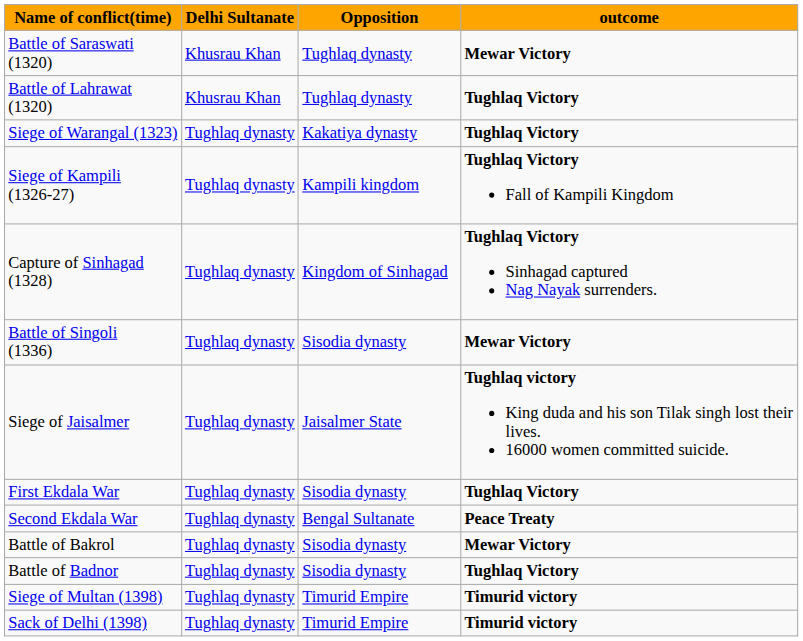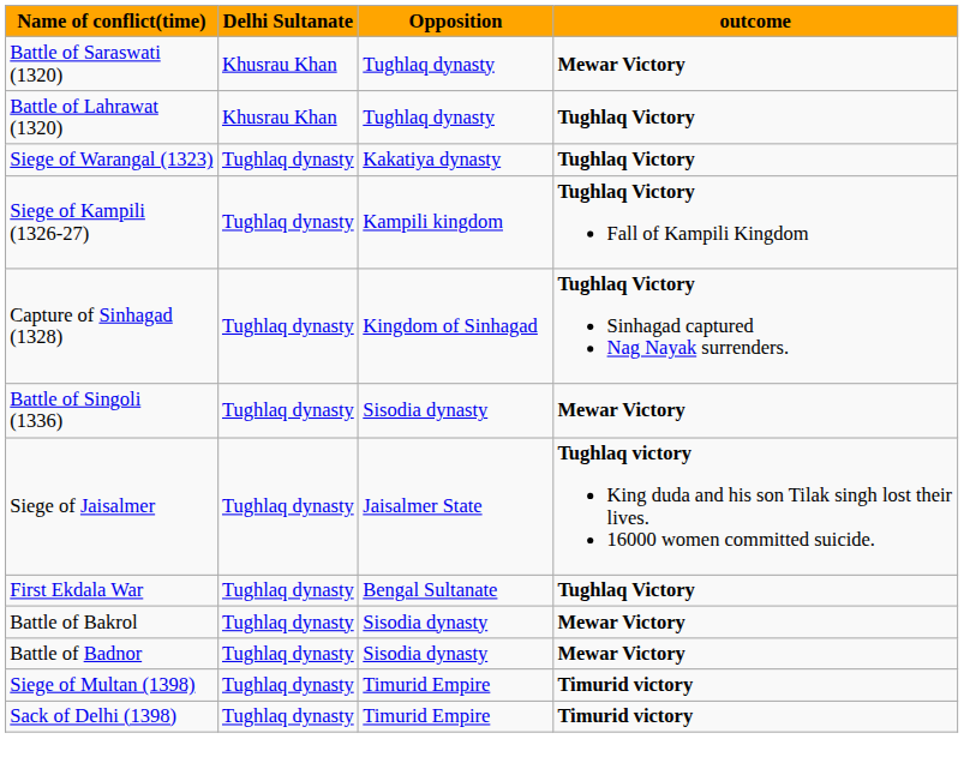 <table class="wikitable">
 <tr>
 <th style="background:orange;"><span>Name of conflict(time)</span></th>
 <th style="background:orange;widh:150px;"><span>Delhi Sultanate</span></th>
 <th style="background:orange;width:150px;"><span> Opposition</span></th>
 <th style="background:orange;width:320px;"><span> outcome</span></th>
 </tr>
 <tr>
 <td><a href='#'>Battle of Saraswati</a><br>(1320)</td>
 <td><a href='#'>Khusrau Khan</a></td>
 <td><a href='#'>Tughlaq dynasty</a></td>
 <td><strong>Mewar Victory</strong></td>
 </tr>
 <tr>
 <td><a href='#'>Battle of Lahrawat</a><br>(1320)</td>
 <td><a href='#'>Khusrau Khan</a></td>
 <td><a href='#'>Tughlaq dynasty</a></td>
 <td><strong>Tughlaq Victory</strong></td>
 </tr>
 <tr>
 <td><a href='#'>Siege of Warangal (1323)</a></td>
 <td><a href='#'>Tughlaq dynasty</a></td>
 <td><a href='#'>Kakatiya dynasty</a></td>
 <td><strong>Tughlaq Victory</strong></td>
 </tr>
 <tr>
 <td><a href='#'>Siege of Kampili</a><br>(1326-27)</td>
 <td><a href='#'>Tughlaq dynasty</a></td>
 <td><a href='#'>Kampili kingdom</a></td>
 <td><strong>Tughlaq Victory</strong><br><ul><li>Fall of Kampili Kingdom</li></ul></td>
 </tr>
 <tr>
 <td>Capture of <a href='#'>Sinhagad</a><br>(1328)</td>
 <td><a href='#'>Tughlaq dynasty</a></td>
 <td><a href='#'>Kingdom of Sinhagad</a></td>
 <td><strong>Tughlaq Victory</strong><br><ul><li>Sinhagad captured</li><li><a href='#'>Nag Nayak</a> surrenders.</li></ul></td>
 </tr>
 <tr>
 <td><a href='#'>Battle of Singoli</a><br>(1336)</td>
 <td><a href='#'>Tughlaq dynasty</a></td>
 <td><a href='#'>Sisodia dynasty</a></td>
 <td><strong>Mewar Victory</strong></td>
 </tr>
 <tr>
 <td>Siege of <a href='#'>Jaisalmer</a></td>
 <td><a href='#'>Tughlaq dynasty</a></td>
 <td><a href='#'>Jaisalmer State</a></td>
 <td><strong>Tughlaq victory</strong><br><ul><li>King duda and his son Tilak singh lost their lives.</li><li>16000 women committed suicide.</li></ul></td>
 </tr>
 <tr>
 <td><a href='#'>First Ekdala War</a></td>
 <td><a href='#'>Tughlaq dynasty</a></td>
-<td><a href='#'>Sisodia dynasty</a></td>
+<td><a href='#'>Bengal Sultanate</a></td>
 <td><strong>Tughlaq Victory</strong></td>
-</tr>
-<tr>
-<td><a href='#'>Second Ekdala War</a></td>
-<td><a href='#'>Tughlaq dynasty</a></td>
-<td><a href='#'>Bengal Sultanate</a></td>
-<td><strong>Peace Treaty</strong></td>
 </tr>
 <tr>
 <td>Battle of Bakrol</td>
 <td><a href='#'>Tughlaq dynasty</a></td>
 <td><a href='#'>Sisodia dynasty</a></td>
 <td><strong>Mewar Victory</strong></td>
 </tr>
 <tr>
 <td>Battle of <a href='#'>Badnor</a></td>
 <td><a href='#'>Tughlaq dynasty</a></td>
 <td><a href='#'>Sisodia dynasty</a></td>
-<td><strong>Tughlaq Victory</strong></td>
+<td><strong>Mewar Victory</strong></td>
 </tr>
 <tr>
 <td><a href='#'>Siege of Multan (1398)</a><br></td>
 <td><a href='#'>Tughlaq dynasty</a></td>
 <td><a href='#'>Timurid Empire</a></td>
 <td><strong>Timurid victory</strong></td>
 </tr>
 <tr>
 <td><a href='#'>Sack of Delhi (1398)</a><br></td>
 <td><a href='#'>Tughlaq dynasty</a></td>
 <td><a href='#'>Timurid Empire</a></td>
 <td><strong>Timurid victory</strong></td>
 </tr>
 </table>
